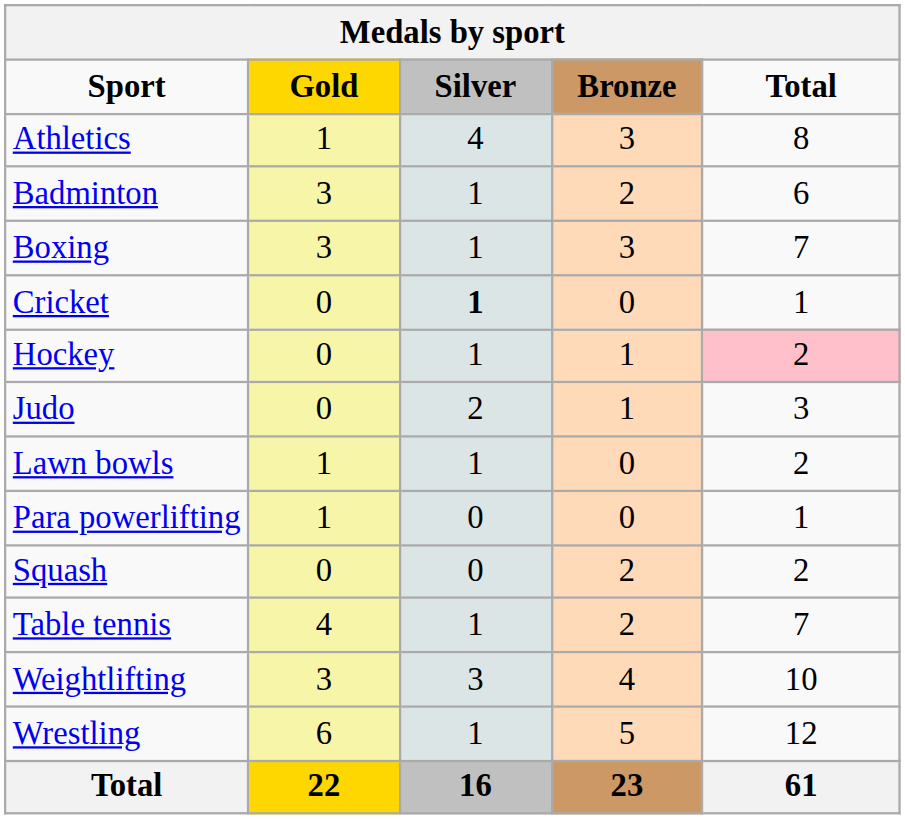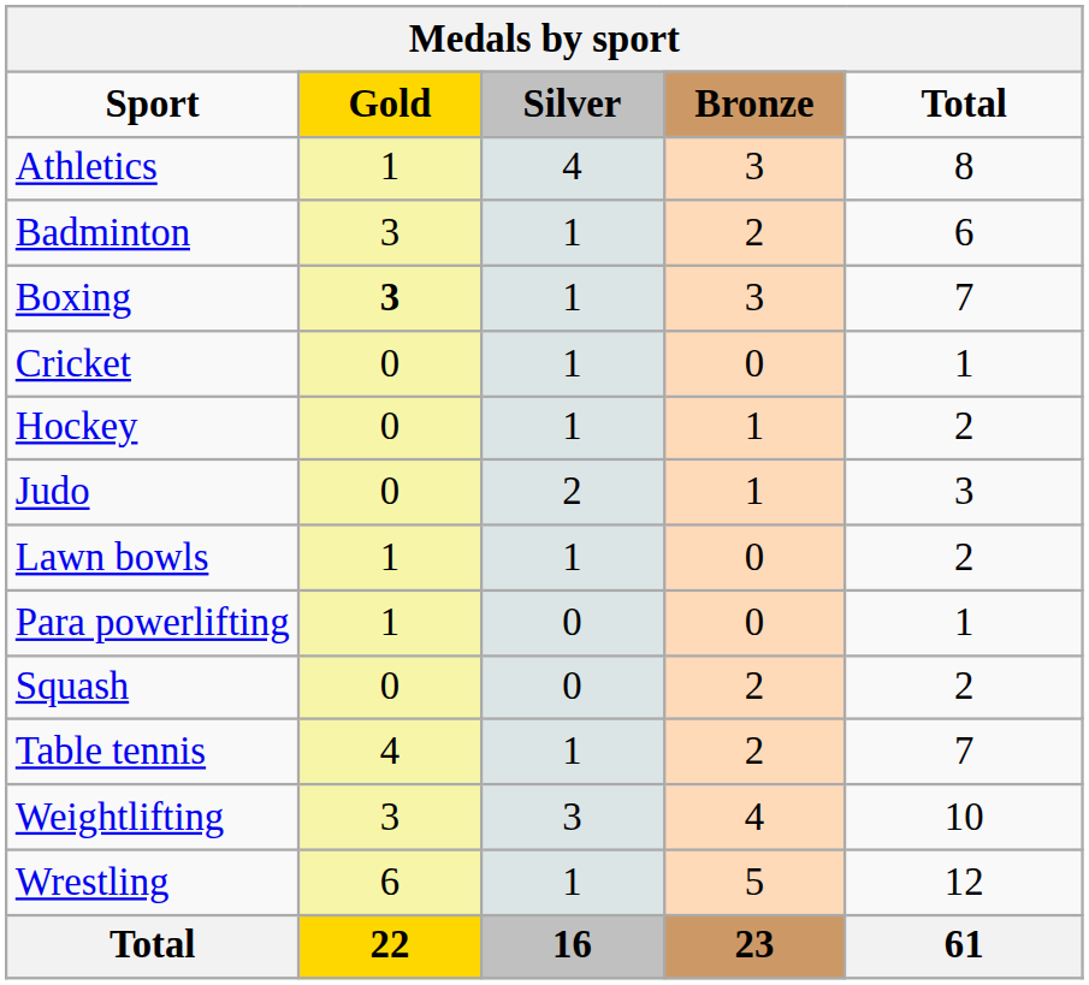 <table class="wikitable" style="font-size:90%; text-align:center;">
 <tr style="background:#efefef;">
 <th colspan=5>Medals by sport</th>
 </tr>
 <tr>
 <td><strong>Sport</strong></td>
 <td width=60 style="background:gold;"><strong>Gold </strong></td>
 <td width=60 style="background:silver;"><strong>Silver </strong></td>
 <td width=60 style="background:#c96;"><strong>Bronze </strong></td>
 <td width=80><strong>Total</strong></td>
 </tr>
 <tr>
 <td align=left> <a href='#'>Athletics</a></td>
 <td style="background:#F7F6A8;">1</td>
 <td style="background:#DCE5E5;">4</td>
 <td style="background:#FFDAB9;">3</td>
 <td>8</td>
 </tr>
 <tr>
 <td align=left> <a href='#'>Badminton</a></td>
 <td style="background:#F7F6A8;">3</td>
 <td style="background:#DCE5E5;">1</td>
 <td style="background:#FFDAB9;">2</td>
 <td>6</td>
 </tr>
 <tr>
 <td align=left> <a href='#'>Boxing</a></td>
-<td style="background:#F7F6A8;">3</td>
+<td style="background:#F7F6A8;"><strong>3</strong></td>
 <td style="background:#DCE5E5;">1</td>
 <td style="background:#FFDAB9;">3</td>
 <td>7</td>
 </tr>
 <tr>
 <td align=left> <a href='#'>Cricket</a></td>
 <td style="background:#F7F6A8;">0</td>
-<td style="background:#DCE5E5;"><strong>1</strong></td>
+<td style="background:#DCE5E5;">1</td>
 <td style="background:#FFDAB9;">0</td>
 <td>1</td>
 </tr>
 <tr>
 <td align=left> <a href='#'>Hockey</a></td>
 <td style="background:#F7F6A8;">0</td>
 <td style="background:#DCE5E5;">1</td>
 <td style="background:#FFDAB9;">1</td>
-<td style="background: pink;">2</td>
+<td>2</td>
 </tr>
 <tr>
 <td align=left> <a href='#'>Judo</a></td>
 <td style="background:#F7F6A8;">0</td>
 <td style="background:#DCE5E5;">2</td>
 <td style="background:#FFDAB9;">1</td>
 <td>3</td>
 </tr>
 <tr>
 <td align=left> <a href='#'>Lawn bowls</a></td>
 <td style="background:#F7F6A8;">1</td>
 <td style="background:#DCE5E5;">1</td>
 <td style="background:#FFDAB9;">0</td>
 <td>2</td>
 </tr>
 <tr>
 <td align=left> <a href='#'>Para powerlifting</a></td>
 <td style="background:#F7F6A8;">1</td>
 <td style="background:#DCE5E5;">0</td>
 <td style="background:#FFDAB9;">0</td>
 <td>1</td>
 </tr>
 <tr>
 <td align=left> <a href='#'>Squash</a></td>
 <td style="background:#F7F6A8;">0</td>
 <td style="background:#DCE5E5;">0</td>
 <td style="background:#FFDAB9;">2</td>
 <td>2</td>
 </tr>
 <tr>
 <td align=left> <a href='#'>Table tennis</a></td>
 <td style="background:#F7F6A8;">4</td>
 <td style="background:#DCE5E5;">1</td>
 <td style="background:#FFDAB9;">2</td>
 <td>7</td>
 </tr>
 <tr>
 <td align=left> <a href='#'>Weightlifting</a></td>
 <td style="background:#F7F6A8;">3</td>
 <td style="background:#DCE5E5;">3</td>
 <td style="background:#FFDAB9;">4</td>
 <td>10</td>
 </tr>
 <tr>
 <td align=left> <a href='#'>Wrestling</a></td>
 <td style="background:#F7F6A8;">6</td>
 <td style="background:#DCE5E5;">1</td>
 <td style="background:#FFDAB9;">5</td>
 <td>12</td>
 </tr>
 <tr>
 <th>Total</th>
 <th style="background:gold;">22</th>
 <th style="background:silver;">16</th>
 <th style="background:#c96;">23</th>
 <th>61</th>
 </tr>
 </table>
